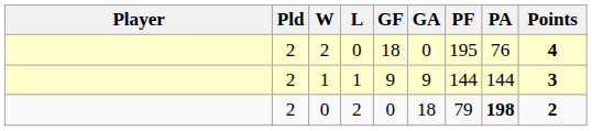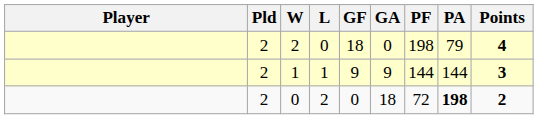 <table class="wikitable" style="text-align:center;">
 <tr>
 <th width=220>Player</th>
 <th width=20>Pld</th>
 <th width=20>W</th>
 <th width=20>L</th>
 <th width=20>GF</th>
 <th width=20>GA</th>
 <th width=20>PF</th>
 <th width=20>PA</th>
 <th width=50>Points</th>
 </tr>
 <tr style="background:#ffffcc;">
 <td style="text-align:left;"></td>
 <td>2</td>
 <td>2</td>
 <td>0</td>
 <td>18</td>
 <td>0</td>
-<td>195</td>
-<td>76</td>
+<td>198</td>
+<td>79</td>
 <td><strong>4</strong></td>
 </tr>
 <tr style="background:#ffffcc;">
 <td style="text-align:left;"></td>
 <td>2</td>
 <td>1</td>
 <td>1</td>
 <td>9</td>
 <td>9</td>
 <td>144</td>
 <td>144</td>
 <td><strong>3</strong></td>
 </tr>
 <tr>
 <td style="text-align:left;"></td>
 <td>2</td>
 <td>0</td>
 <td>2</td>
 <td>0</td>
 <td>18</td>
-<td>79</td>
+<td>72</td>
 <td><strong>198</strong></td>
 <td><strong>2</strong></td>
 </tr>
 </table>
